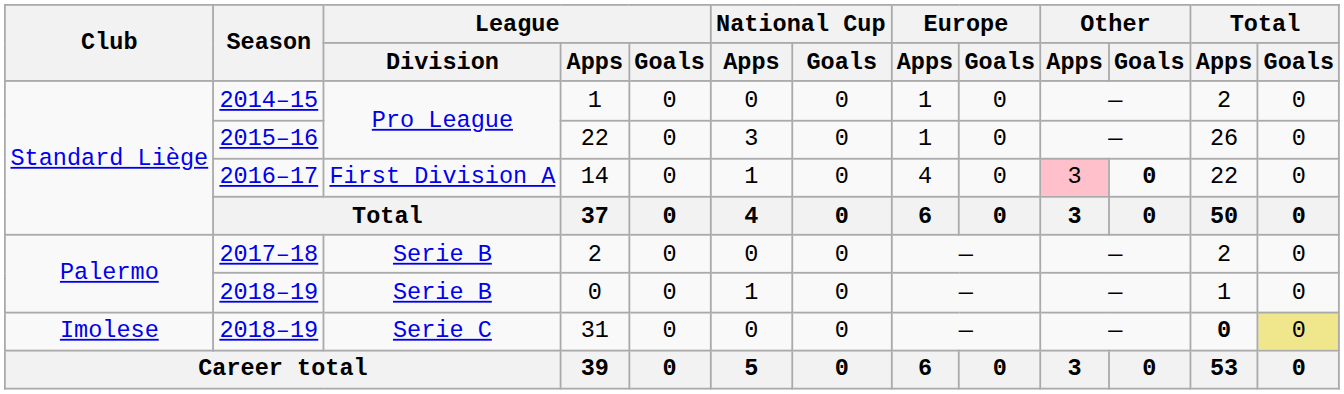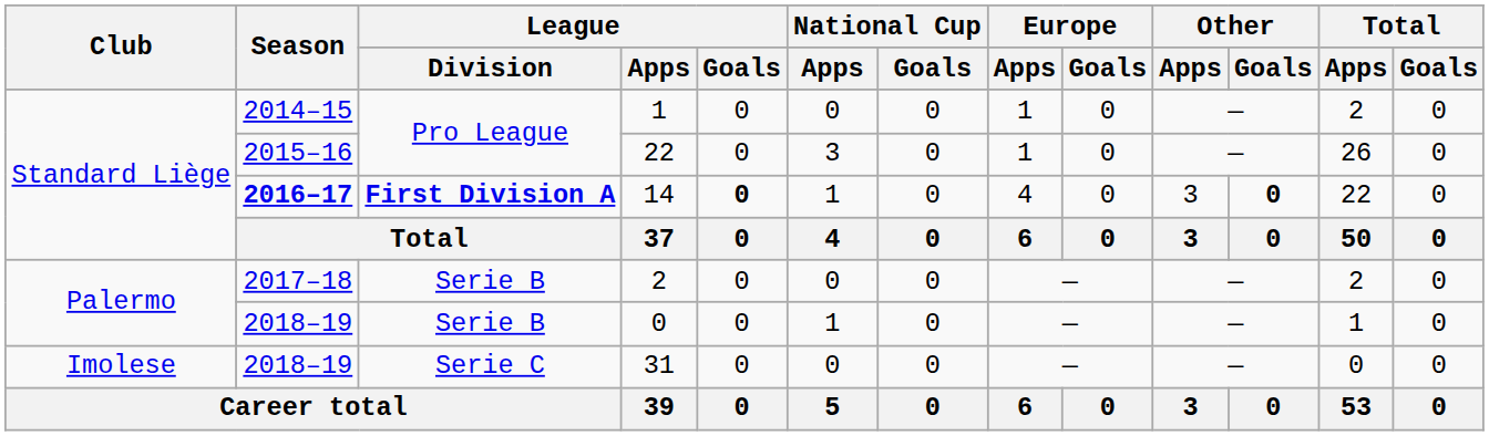 <table class="wikitable" style="text-align:center">
 <tr>
 <th rowspan="2">Club</th>
 <th rowspan="2">Season</th>
 <th colspan="3">League</th>
 <th colspan="2">National Cup</th>
 <th colspan="2">Europe</th>
 <th colspan="2">Other</th>
 <th colspan="2">Total</th>
 </tr>
 <tr>
 <th>Division</th>
 <th>Apps</th>
 <th>Goals</th>
 <th>Apps</th>
 <th>Goals</th>
 <th>Apps</th>
 <th>Goals</th>
 <th>Apps</th>
 <th>Goals</th>
 <th>Apps</th>
 <th>Goals</th>
 </tr>
 <tr>
 <td rowspan="4"><a href='#'>Standard Liège</a></td>
 <td><a href='#'>2014–15</a></td>
 <td rowspan="2"><a href='#'>Pro League</a></td>
 <td>1</td>
 <td>0</td>
 <td>0</td>
 <td>0</td>
 <td>1</td>
 <td>0</td>
 <td colspan="2">—</td>
 <td>2</td>
 <td>0</td>
 </tr>
 <tr>
 <td><a href='#'>2015–16</a></td>
 <td>22</td>
 <td>0</td>
 <td>3</td>
 <td>0</td>
 <td>1</td>
 <td>0</td>
 <td colspan="2">—</td>
 <td>26</td>
 <td>0</td>
 </tr>
 <tr>
-<td><a href='#'>2016–17</a></td>
-<td><a href='#'>First Division A</a></td>
+<td><strong><a href='#'>2016–17</a></strong></td>
+<td><strong><a href='#'>First Division A</a></strong></td>
 <td>14</td>
-<td>0</td>
+<td><strong>0</strong></td>
 <td>1</td>
 <td>0</td>
 <td>4</td>
 <td>0</td>
-<td style="background: pink;">3</td>
+<td>3</td>
 <td><strong>0</strong></td>
 <td>22</td>
 <td>0</td>
 </tr>
 <tr>
 <th colspan="2">Total</th>
 <th>37</th>
 <th>0</th>
 <th>4</th>
 <th>0</th>
 <th>6</th>
 <th>0</th>
 <th>3</th>
 <th>0</th>
 <th>50</th>
 <th>0</th>
 </tr>
 <tr>
 <td rowspan="2"><a href='#'>Palermo</a></td>
 <td><a href='#'>2017–18</a></td>
 <td><a href='#'>Serie B</a></td>
 <td>2</td>
 <td>0</td>
 <td>0</td>
 <td>0</td>
 <td colspan="2">—</td>
 <td colspan="2">—</td>
 <td>2</td>
 <td>0</td>
 </tr>
 <tr>
 <td><a href='#'>2018–19</a></td>
 <td><a href='#'>Serie B</a></td>
 <td>0</td>
 <td>0</td>
 <td>1</td>
 <td>0</td>
 <td colspan="2">—</td>
 <td colspan="2">—</td>
 <td>1</td>
 <td>0</td>
 </tr>
 <tr>
 <td><a href='#'>Imolese</a></td>
 <td><a href='#'>2018–19</a></td>
 <td><a href='#'>Serie C</a></td>
 <td>31</td>
 <td>0</td>
 <td>0</td>
 <td>0</td>
 <td colspan="2">—</td>
 <td colspan="2">—</td>
-<td><strong>0</strong></td>
-<td style="background: khaki;">0</td>
+<td>0</td>
+<td>0</td>
 </tr>
 <tr>
 <th colspan="3">Career total</th>
 <th>39</th>
 <th>0</th>
 <th>5</th>
 <th>0</th>
 <th>6</th>
 <th>0</th>
 <th>3</th>
 <th>0</th>
 <th>53</th>
 <th>0</th>
 </tr>
 </table>
